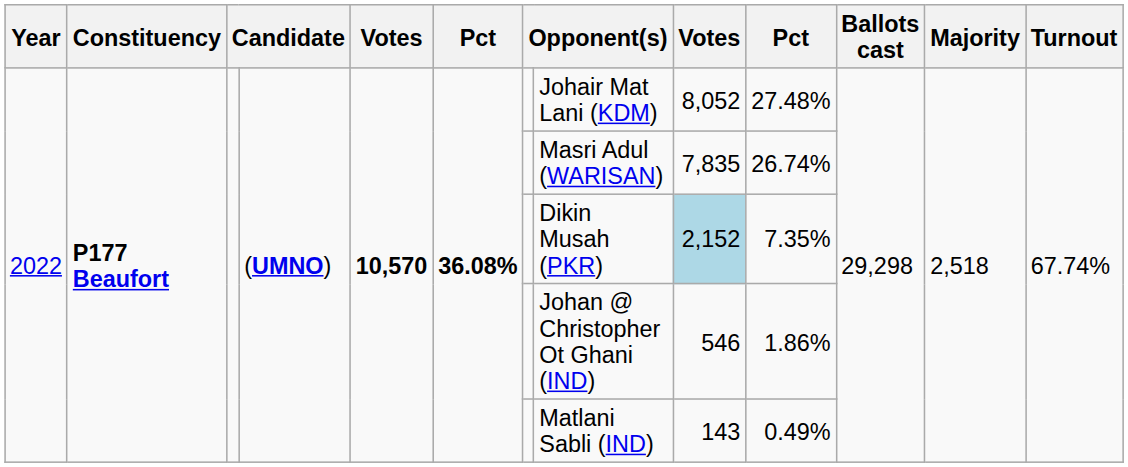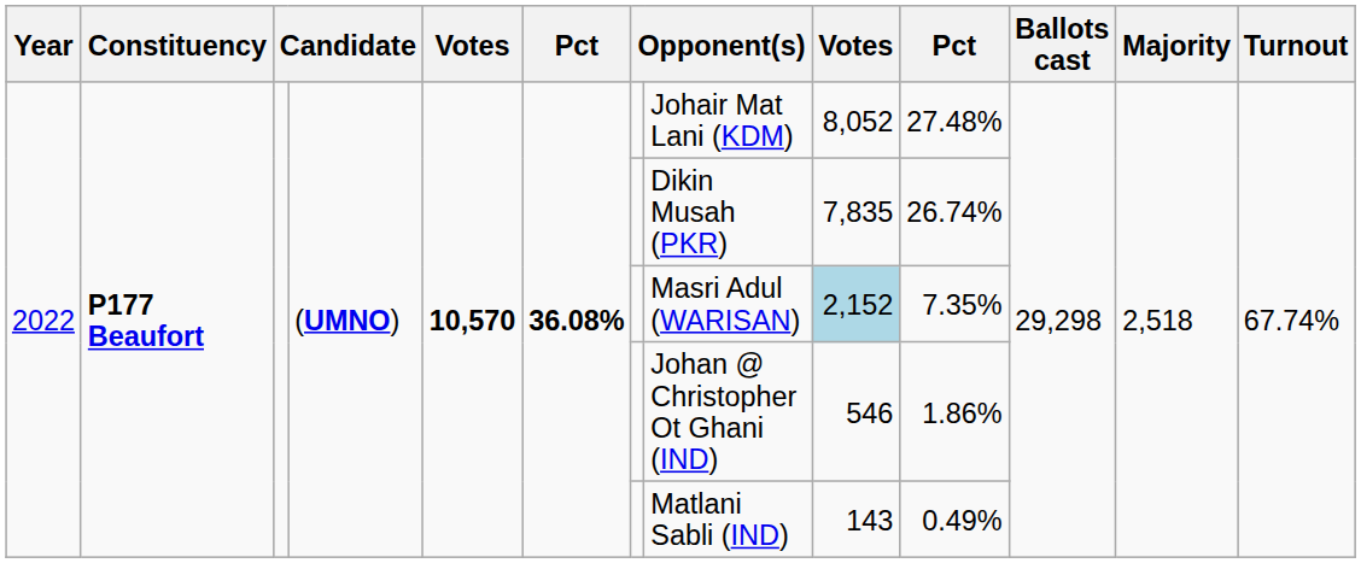 <table class="wikitable" style="margin:0.5em ; font-size:95%">
 <tr>
 <th>Year</th>
 <th>Constituency</th>
 <th colspan=2>Candidate</th>
 <th>Votes</th>
 <th>Pct</th>
 <th colspan=2>Opponent(s)</th>
 <th>Votes</th>
 <th>Pct</th>
 <th>Ballots cast</th>
 <th>Majority</th>
 <th>Turnout</th>
 </tr>
 <tr>
 <td rowspan=5><a href='#'>2022</a></td>
 <td rowspan=5><strong>P177 <a href='#'>Beaufort</a></strong></td>
 <td rowspan=5 ></td>
 <td rowspan=5><strong></strong> (<a href='#'><strong>UMNO</strong></a>)</td>
 <td rowspan=5 align="right"><strong>10,570</strong></td>
 <td rowspan=5><strong>36.08%</strong></td>
 <td></td>
 <td>Johair Mat Lani (<a href='#'>KDM</a>)</td>
 <td align="right">8,052</td>
 <td>27.48%</td>
 <td rowspan=5>29,298</td>
 <td rowspan=5>2,518</td>
 <td rowspan=5>67.74%</td>
 </tr>
 <tr>
 <td></td>
-<td>Masri Adul (<a href='#'>WARISAN</a>)</td>
+<td>Dikin Musah (<a href='#'>PKR</a>)</td>
 <td align="right">7,835</td>
 <td>26.74%</td>
 </tr>
 <tr>
 <td></td>
-<td>Dikin Musah (<a href='#'>PKR</a>)</td>
+<td>Masri Adul (<a href='#'>WARISAN</a>)</td>
 <td align="right" style="background: lightblue;">2,152</td>
 <td align="right">7.35%</td>
 </tr>
 <tr>
 <td></td>
 <td>Johan @ Christopher Ot Ghani (<a href='#'>IND</a>)</td>
 <td align="right">546</td>
 <td align="right">1.86%</td>
 </tr>
 <tr>
 <td></td>
 <td>Matlani Sabli (<a href='#'>IND</a>)</td>
 <td align="right">143</td>
 <td align="right">0.49%</td>
 </tr>
 </table>
